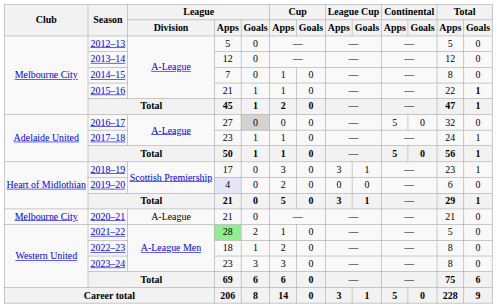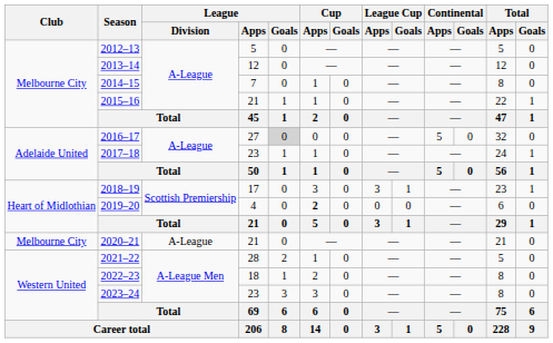 <table class="wikitable" style="text-align: center;">
 <tr>
 <th rowspan="2">Club</th>
 <th rowspan="2">Season</th>
 <th colspan="3">League</th>
 <th colspan="2">Cup</th>
 <th colspan="2">League Cup</th>
 <th colspan="2">Continental</th>
 <th colspan="2">Total</th>
 </tr>
 <tr>
 <th>Division</th>
 <th>Apps</th>
 <th>Goals</th>
 <th>Apps</th>
 <th>Goals</th>
 <th>Apps</th>
 <th>Goals</th>
 <th>Apps</th>
 <th>Goals</th>
 <th>Apps</th>
 <th>Goals</th>
 </tr>
 <tr>
 <td rowspan="5"><a href='#'>Melbourne City</a></td>
 <td><a href='#'>2012–13</a></td>
 <td rowspan="4"><a href='#'>A-League</a></td>
 <td>5</td>
 <td>0</td>
 <td colspan="2">—</td>
 <td colspan="2">—</td>
 <td colspan="2">—</td>
 <td>5</td>
 <td>0</td>
 </tr>
 <tr>
 <td><a href='#'>2013–14</a></td>
 <td>12</td>
 <td>0</td>
 <td colspan="2">—</td>
 <td colspan="2">—</td>
 <td colspan="2">—</td>
 <td>12</td>
 <td>0</td>
 </tr>
 <tr>
 <td><a href='#'>2014–15</a></td>
 <td>7</td>
 <td>0</td>
 <td>1</td>
 <td>0</td>
 <td colspan="2">—</td>
 <td colspan="2">—</td>
 <td>8</td>
 <td>0</td>
 </tr>
 <tr>
 <td><a href='#'>2015–16</a></td>
 <td>21</td>
 <td>1</td>
 <td>1</td>
 <td>0</td>
 <td colspan="2">—</td>
 <td colspan="2">—</td>
 <td>22</td>
-<td><strong>1</strong></td>
+<td>1</td>
 </tr>
 <tr>
 <th colspan=2>Total</th>
 <th>45</th>
 <th>1</th>
 <th>2</th>
 <th>0</th>
 <th colspan="2">—</th>
 <th colspan="2">—</th>
 <th>47</th>
 <th>1</th>
 </tr>
 <tr>
 <td rowspan="3"><a href='#'>Adelaide United</a></td>
 <td><a href='#'>2016–17</a></td>
 <td rowspan="2"><a href='#'>A-League</a></td>
 <td>27</td>
 <td style="background: lightgrey;">0</td>
 <td>0</td>
 <td>0</td>
 <td colspan="2">—</td>
 <td>5</td>
 <td>0</td>
 <td>32</td>
 <td>0</td>
 </tr>
 <tr>
 <td><a href='#'>2017–18</a></td>
 <td>23</td>
 <td>1</td>
 <td>1</td>
 <td>0</td>
 <td colspan="2">—</td>
 <td colspan="2">—</td>
 <td>24</td>
 <td>1</td>
 </tr>
 <tr>
 <th colspan=2>Total</th>
 <th>50</th>
 <th>1</th>
 <th>1</th>
 <th>0</th>
 <th colspan="2">—</th>
 <th>5</th>
 <th>0</th>
 <th>56</th>
 <th>1</th>
 </tr>
 <tr>
 <td rowspan="3"><a href='#'>Heart of Midlothian</a></td>
 <td><a href='#'>2018–19</a></td>
 <td rowspan="2"><a href='#'>Scottish Premiership</a></td>
 <td>17</td>
 <td>0</td>
 <td>3</td>
 <td>0</td>
 <td>3</td>
 <td>1</td>
 <td colspan="2">—</td>
 <td>23</td>
 <td>1</td>
 </tr>
 <tr>
 <td><a href='#'>2019–20</a></td>
-<td style="background: lavender;">4</td>
+<td>4</td>
 <td>0</td>
-<td>2</td>
+<td><strong>2</strong></td>
 <td>0</td>
 <td>0</td>
 <td>0</td>
 <td colspan="2">—</td>
 <td>6</td>
 <td>0</td>
 </tr>
 <tr>
 <th colspan=2>Total</th>
 <th>21</th>
 <th>0</th>
 <th>5</th>
 <th>0</th>
 <th>3</th>
 <th>1</th>
 <th colspan="2">—</th>
 <th>29</th>
 <th>1</th>
 </tr>
 <tr>
 <td><a href='#'>Melbourne City</a></td>
 <td><a href='#'>2020–21</a></td>
 <td>A-League</td>
 <td>21</td>
 <td>0</td>
 <td colspan="2">—</td>
 <td colspan="2">—</td>
 <td colspan="2">—</td>
 <td>21</td>
 <td>0</td>
 </tr>
 <tr>
 <td rowspan="4"><a href='#'>Western United</a></td>
 <td><a href='#'>2021–22</a></td>
 <td rowspan="3"><a href='#'>A-League Men</a></td>
-<td style="background: lightgreen;">28</td>
+<td>28</td>
 <td>2</td>
 <td>1</td>
 <td>0</td>
 <td colspan="2">—</td>
 <td colspan="2">—</td>
 <td>5</td>
 <td>0</td>
 </tr>
 <tr>
 <td><a href='#'>2022–23</a></td>
 <td>18</td>
 <td>1</td>
 <td>2</td>
 <td>0</td>
 <td colspan="2">—</td>
 <td colspan="2">—</td>
 <td>8</td>
 <td>0</td>
 </tr>
 <tr>
 <td><a href='#'>2023–24</a></td>
 <td>23</td>
 <td>3</td>
 <td>3</td>
 <td>0</td>
 <td colspan="2">—</td>
 <td colspan="2">—</td>
 <td>8</td>
 <td>0</td>
 </tr>
 <tr>
 <th colspan=2>Total</th>
 <th>69</th>
 <th>6</th>
 <th>6</th>
 <th>0</th>
 <th colspan="2">—</th>
 <th colspan="2">—</th>
 <th>75</th>
 <th>6</th>
 </tr>
 <tr>
 <th colspan=3>Career total</th>
 <th>206</th>
 <th>8</th>
 <th>14</th>
 <th>0</th>
 <th>3</th>
 <th>1</th>
 <th>5</th>
 <th>0</th>
 <th>228</th>
 <th>9</th>
 </tr>
 </table>
